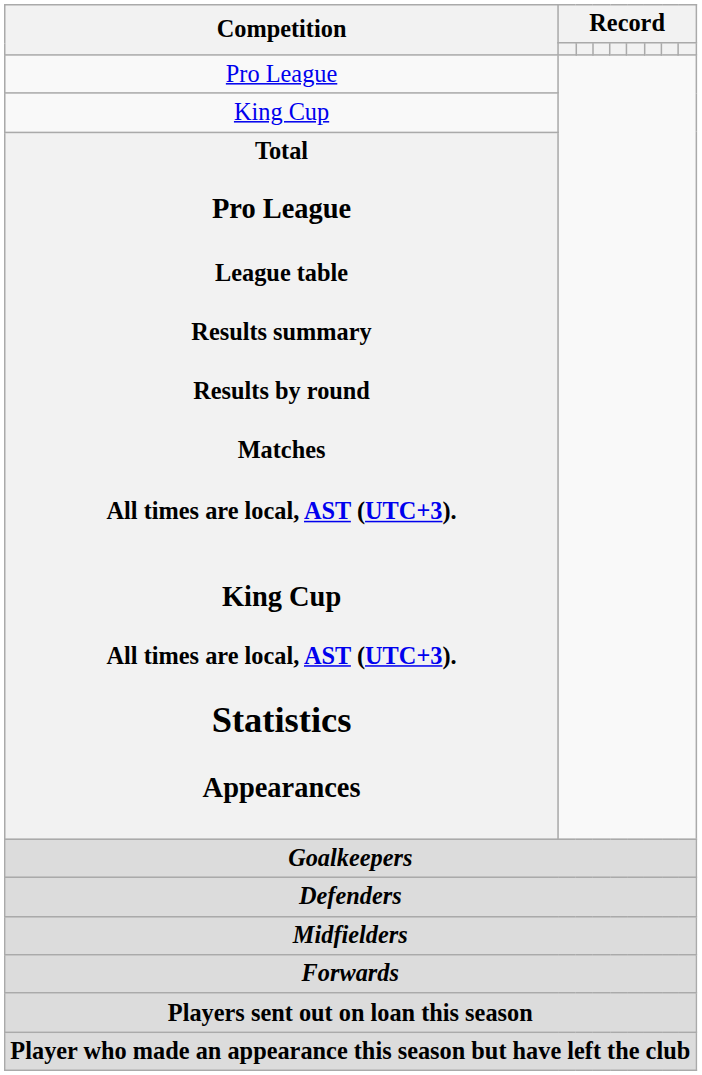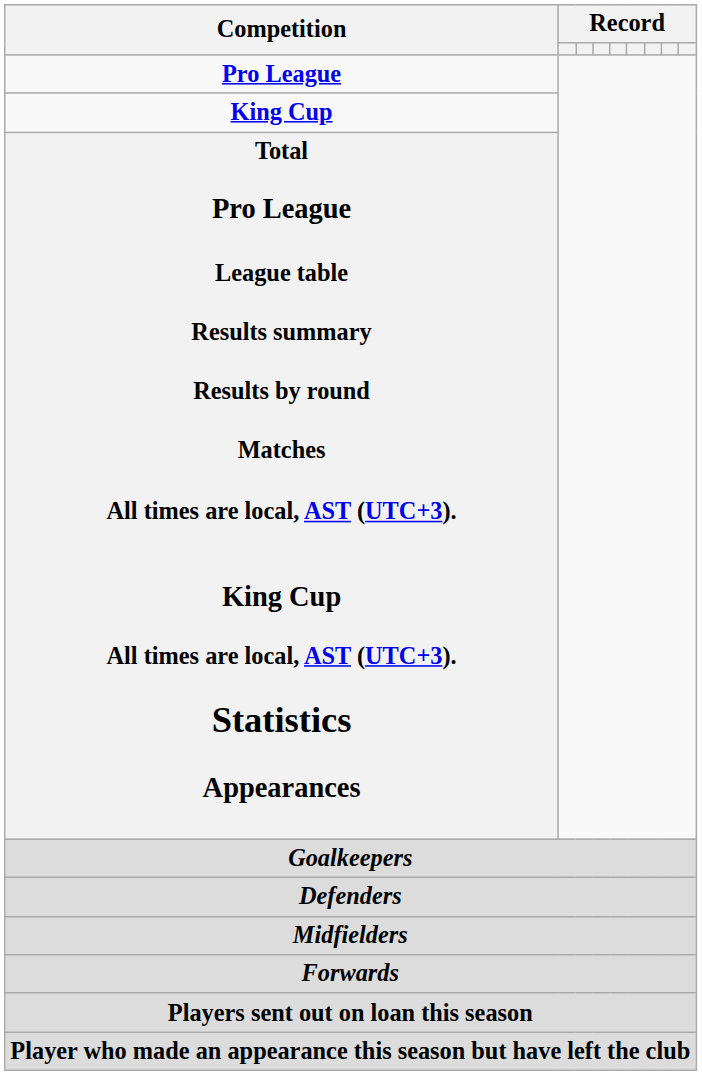 <table class="wikitable" style="text-align: center">
 <tr>
 <th rowspan=2>Competition</th>
 <th colspan=8>Record</th>
 </tr>
 <tr>
 <th></th>
 <th></th>
 <th></th>
 <th></th>
 <th></th>
 <th></th>
 <th></th>
 <th></th>
 </tr>
 <tr>
-<td><a href='#'>Pro League</a><br></td>
+<td><strong><a href='#'>Pro League</a><br></strong></td>
 </tr>
 <tr>
-<td><a href='#'>King Cup</a><br></td>
+<td><strong><a href='#'>King Cup</a><br></strong></td>
 </tr>
 <tr>
 <th>Total<br> <h3>Pro League</h3><h4>League table</h4><h4>Results summary</h4> <h4>Results by round</h4><h4>Matches</h4>All times are local, <a href='#'>AST</a> (<a href='#'>UTC+3</a>).<br>   <br>                             <h3>King Cup</h3> All times are local, <a href='#'>AST</a> (<a href='#'>UTC+3</a>).<br>   <h2>Statistics</h2><h3>Appearances</h3></th>
 </tr>
 <tr>
 <th colspan=10 style=background:#dcdcdc; text-align:center><em>Goalkeepers</em><br> </th>
 </tr>
 <tr>
 <th colspan=10 style=background:#dcdcdc; text-align:center><em>Defenders</em><br>     </th>
 </tr>
 <tr>
 <th colspan=10 style=background:#dcdcdc; text-align:center><em>Midfielders</em><br>              </th>
 </tr>
 <tr>
 <th colspan=10 style=background:#dcdcdc; text-align:center><em>Forwards</em><br>  </th>
 </tr>
 <tr>
 <th colspan=14 style=background:#dcdcdc; text-align:center>Players sent out on loan this season<br>  </th>
 </tr>
 <tr>
 <th colspan=18 style=background:#dcdcdc; text-align:center>Player who made an appearance this season but have left the club<br>    </th>
 </tr>
 </table>
